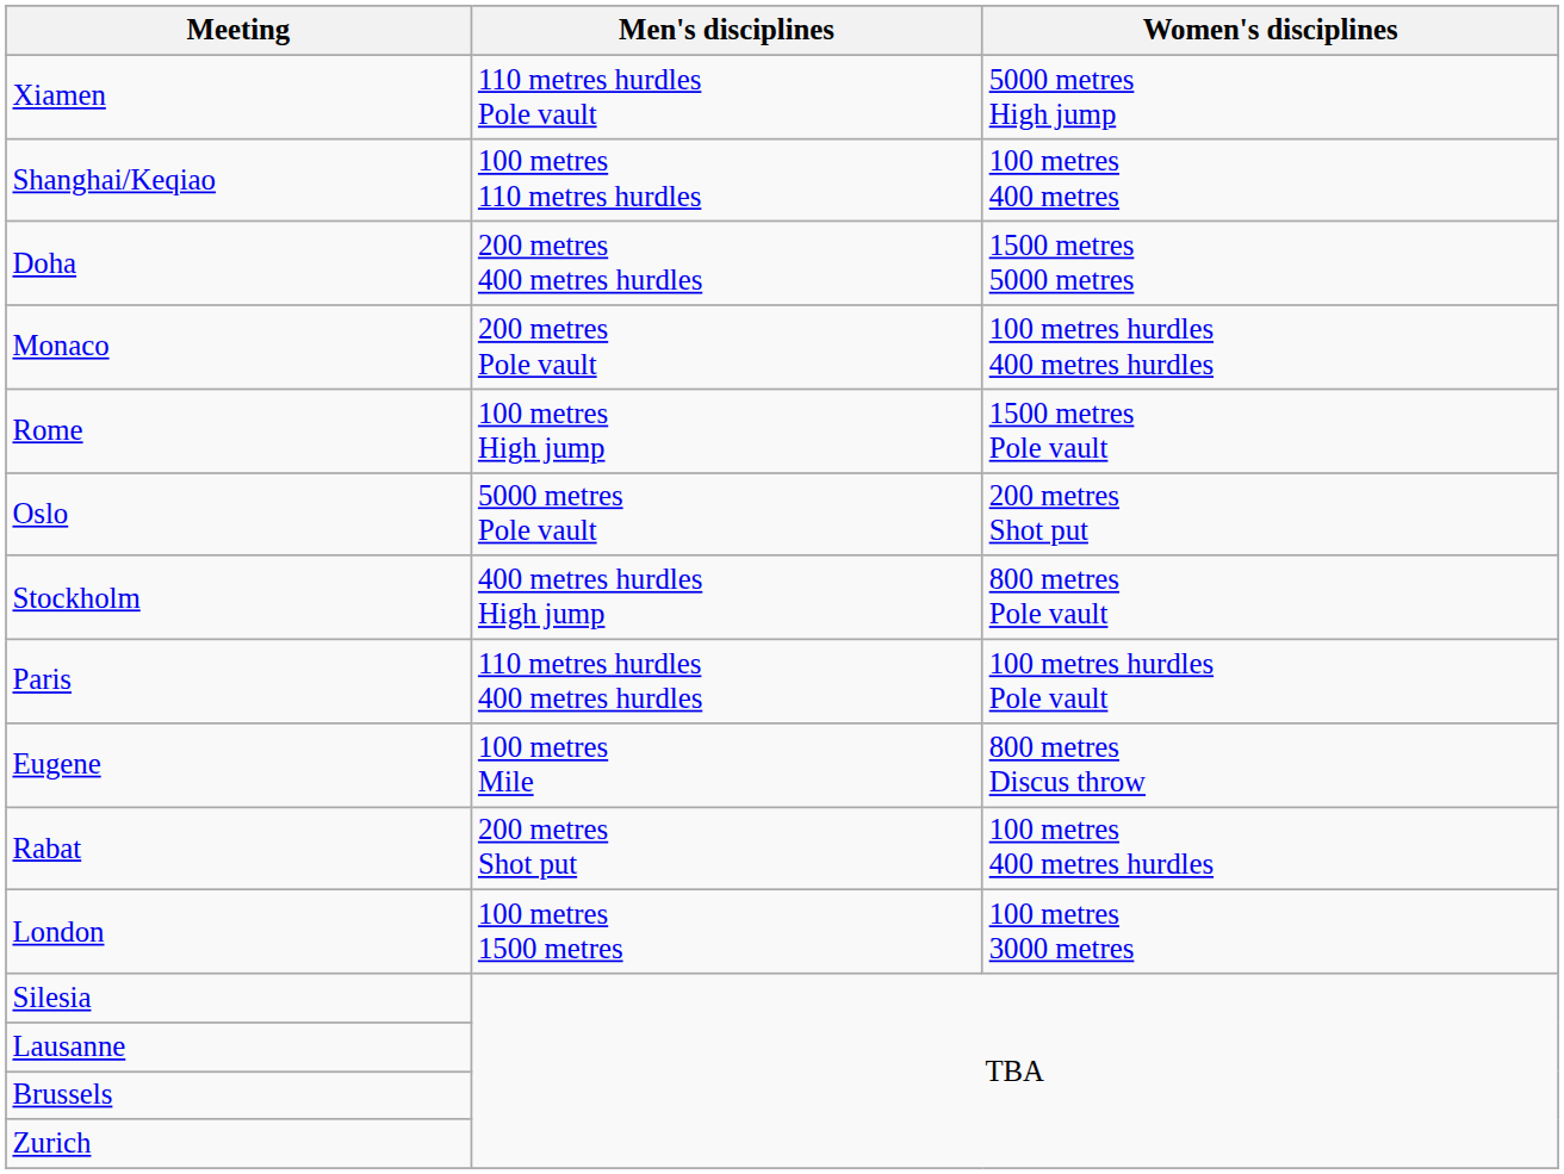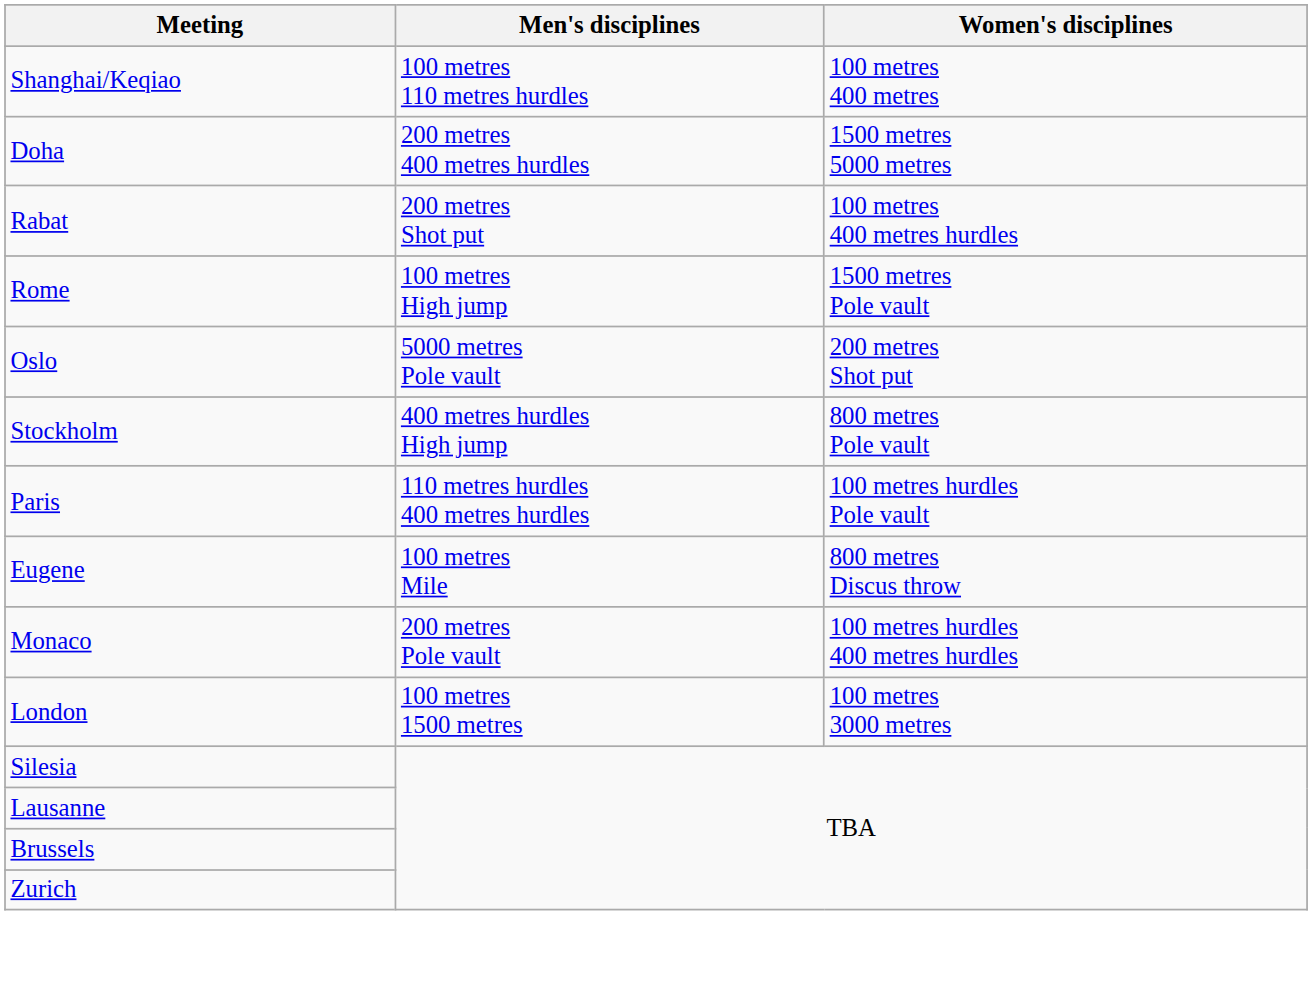 <table class="wikitable" style="margin:0.5em auto; font-size:90%;position:relative;" width=60%>
 <tr>
 <th scope="col">Meeting</th>
 <th scope="col">Men's disciplines</th>
 <th scope="col">Women's disciplines</th>
-</tr>
-<tr>
-<td><a href='#'>Xiamen</a></td>
-<td align="left"><a href='#'>110 metres hurdles</a><br><a href='#'>Pole vault</a></td>
-<td align="left"><a href='#'>5000 metres</a><br><a href='#'>High jump</a></td>
 </tr>
 <tr>
 <td><a href='#'>Shanghai/Keqiao</a></td>
 <td align="left"><a href='#'>100 metres</a><br><a href='#'>110 metres hurdles</a></td>
 <td align="left"><a href='#'>100 metres</a><br><a href='#'>400 metres</a></td>
 </tr>
 <tr>
 <td><a href='#'>Doha</a></td>
 <td align="left"><a href='#'>200 metres</a><br><a href='#'>400 metres hurdles</a></td>
 <td align="left"><a href='#'>1500 metres</a><br><a href='#'>5000 metres</a></td>
 </tr>
 <tr>
-<td><a href='#'>Monaco</a></td>
-<td align="left"><a href='#'>200 metres</a><br><a href='#'>Pole vault</a></td>
-<td align="left"><a href='#'>100 metres hurdles</a><br><a href='#'>400 metres hurdles</a></td>
+<td><a href='#'>Rabat</a></td>
+<td align="left"><a href='#'>200 metres</a><br><a href='#'>Shot put</a></td>
+<td align="left"><a href='#'>100 metres</a><br><a href='#'>400 metres hurdles</a></td>
 </tr>
 <tr>
 <td><a href='#'>Rome</a></td>
 <td align="left"><a href='#'>100 metres</a><br><a href='#'>High jump</a></td>
 <td align="left"><a href='#'>1500 metres</a><br><a href='#'>Pole vault</a></td>
 </tr>
 <tr>
 <td><a href='#'>Oslo</a></td>
 <td align="left"><a href='#'>5000 metres</a><br><a href='#'>Pole vault</a></td>
 <td align="left"><a href='#'>200 metres</a><br><a href='#'>Shot put</a></td>
 </tr>
 <tr>
 <td><a href='#'>Stockholm</a></td>
 <td align="left"><a href='#'>400 metres hurdles</a><br><a href='#'>High jump</a></td>
 <td align="left"><a href='#'>800 metres</a><br><a href='#'>Pole vault</a></td>
 </tr>
 <tr>
 <td><a href='#'>Paris</a></td>
 <td align="left"><a href='#'>110 metres hurdles</a><br><a href='#'>400 metres hurdles</a></td>
 <td align="left"><a href='#'>100 metres hurdles</a><br><a href='#'>Pole vault</a></td>
 </tr>
 <tr>
 <td><a href='#'>Eugene</a></td>
 <td align="left"><a href='#'>100 metres</a><br><a href='#'>Mile</a></td>
 <td align="left"><a href='#'>800 metres</a><br><a href='#'>Discus throw</a></td>
 </tr>
 <tr>
-<td><a href='#'>Rabat</a></td>
-<td align="left"><a href='#'>200 metres</a><br><a href='#'>Shot put</a></td>
-<td align="left"><a href='#'>100 metres</a><br><a href='#'>400 metres hurdles</a></td>
+<td><a href='#'>Monaco</a></td>
+<td align="left"><a href='#'>200 metres</a><br><a href='#'>Pole vault</a></td>
+<td align="left"><a href='#'>100 metres hurdles</a><br><a href='#'>400 metres hurdles</a></td>
 </tr>
 <tr>
 <td><a href='#'>London</a></td>
 <td align="left"><a href='#'>100 metres</a><br><a href='#'>1500 metres</a></td>
 <td align="left"><a href='#'>100 metres</a><br><a href='#'>3000 metres</a></td>
 </tr>
 <tr>
 <td><a href='#'>Silesia</a></td>
 <td colspan="2" rowspan="4" align="center">TBA</td>
 </tr>
 <tr>
 <td><a href='#'>Lausanne</a></td>
 </tr>
 <tr>
 <td><a href='#'>Brussels</a></td>
 </tr>
 <tr>
 <td><a href='#'>Zurich</a></td>
 </tr>
 </table>
